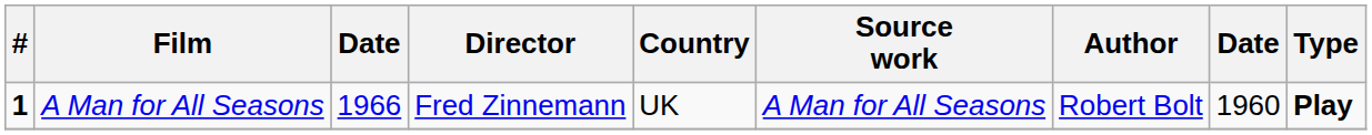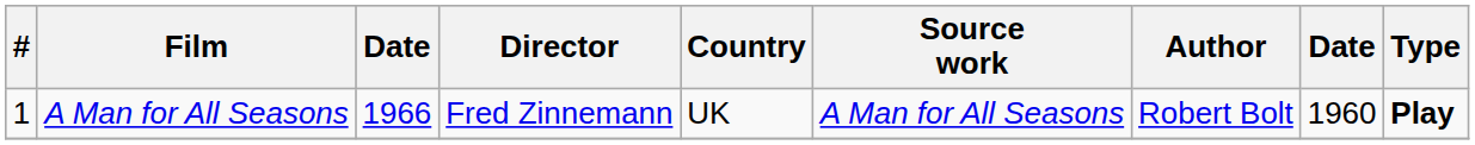 <table class="wikitable">
 <tr>
 <th>#</th>
 <th>Film</th>
 <th>Date</th>
 <th>Director</th>
 <th>Country</th>
 <th>Source<br>work</th>
 <th>Author</th>
 <th>Date</th>
 <th>Type</th>
 </tr>
 <tr>
-<td><strong>1</strong></td>
+<td>1</td>
 <td><em><a href='#'>A Man for All Seasons</a></em></td>
 <td><a href='#'>1966</a></td>
 <td><a href='#'>Fred Zinnemann</a></td>
 <td>UK</td>
 <td><em><a href='#'>A Man for All Seasons</a></em></td>
 <td><a href='#'>Robert Bolt</a></td>
 <td>1960</td>
 <td><strong>Play</strong></td>
 </tr>
 <tr>
 </tr>
 </table>
